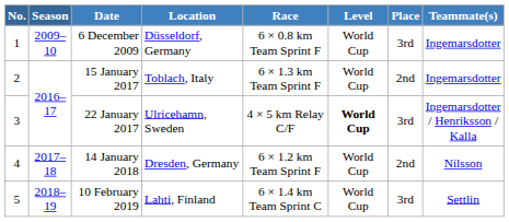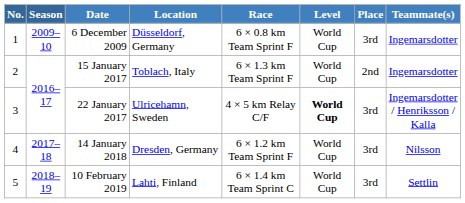 <table class="wikitable sortable" style="font-size:95%; text-align:center; border:grey solid 1px; border-collapse:collapse; background:#ffffff;">
 <tr style="background:#efefef;">
 <th style="background-color:#369; color:white;">No.</th>
 <th style="background-color:#369; color:white;">Season</th>
 <th style="background-color:#4180be; color:white; width:100px;">Date</th>
 <th style="background-color:#4180be; color:white; width:170px;">Location</th>
 <th style="background-color:#4180be; color:white; width:170px;">Race</th>
 <th style="background-color:#4180be; color:white; width:100px;">Level</th>
 <th style="background-color:#4180be; color:white;">Place</th>
 <th style="background-color:#4180be; color:white;">Teammate(s)</th>
 </tr>
 <tr>
 <td align=center>1</td>
 <td rowspan=1 align=center><a href='#'>2009–10</a></td>
 <td align=right>6 December 2009</td>
 <td align=left> <a href='#'>Düsseldorf</a>, Germany</td>
 <td>6 × 0.8 km Team Sprint F</td>
 <td>World Cup</td>
 <td>3rd</td>
 <td><a href='#'>Ingemarsdotter</a></td>
 </tr>
 <tr>
 <td align=center>2</td>
 <td rowspan=2 align=center><a href='#'>2016–17</a></td>
 <td align=right>15 January 2017</td>
 <td align=left> <a href='#'>Toblach</a>, Italy</td>
 <td>6 × 1.3 km Team Sprint F</td>
 <td>World Cup</td>
 <td>2nd</td>
 <td><a href='#'>Ingemarsdotter</a></td>
 </tr>
 <tr>
 <td align=center>3</td>
 <td align=right>22 January 2017</td>
 <td align=left> <a href='#'>Ulricehamn</a>, Sweden</td>
 <td>4 × 5 km Relay C/F</td>
 <td><strong>World Cup</strong></td>
 <td>3rd</td>
 <td><a href='#'>Ingemarsdotter</a> / <a href='#'>Henriksson</a> / <a href='#'>Kalla</a></td>
 </tr>
 <tr>
 <td align=center>4</td>
 <td rowspan=1 align=center><a href='#'>2017–18</a></td>
 <td align=right>14 January 2018</td>
 <td align=left> <a href='#'>Dresden</a>, Germany</td>
 <td>6 × 1.2 km Team Sprint F</td>
 <td>World Cup</td>
-<td>2nd</td>
+<td>3rd</td>
 <td><a href='#'>Nilsson</a></td>
 </tr>
 <tr>
 <td align=center>5</td>
 <td rowspan=1 align=center><a href='#'>2018–19</a></td>
 <td align=right>10 February 2019</td>
 <td align=left> <a href='#'>Lahti</a>, Finland</td>
 <td>6 × 1.4 km Team Sprint C</td>
 <td>World Cup</td>
 <td>3rd</td>
 <td><a href='#'>Settlin</a></td>
 </tr>
 </table>
